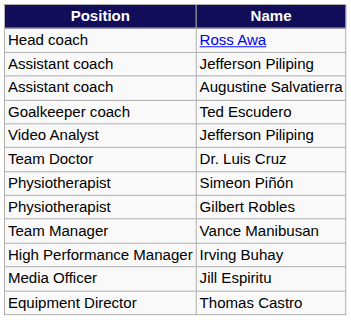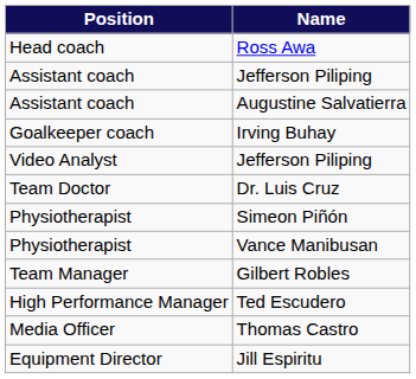 <table class="wikitable">
 <tr>
 <th style="color:#FFFFFF;background:#110D59">Position</th>
 <th style="color:#FFFFFF;background:#110D59">Name</th>
 </tr>
 <tr>
 <td>Head coach</td>
 <td> <a href='#'>Ross Awa</a></td>
 </tr>
 <tr>
 <td>Assistant coach</td>
 <td> Jefferson Piliping</td>
 </tr>
 <tr>
 <td>Assistant coach</td>
 <td> Augustine Salvatierra</td>
 </tr>
 <tr>
 <td>Goalkeeper coach</td>
-<td> Ted Escudero</td>
+<td> Irving Buhay</td>
 </tr>
 <tr>
 <td>Video Analyst</td>
 <td> Jefferson Piliping</td>
 </tr>
 <tr>
 <td>Team Doctor</td>
 <td> Dr. Luis Cruz</td>
 </tr>
 <tr>
 <td>Physiotherapist</td>
 <td> Simeon Piñón</td>
 </tr>
 <tr>
 <td>Physiotherapist</td>
+<td> Vance Manibusan</td>
+</tr>
+<tr>
+<td>Team Manager</td>
 <td> Gilbert Robles</td>
 </tr>
 <tr>
-<td>Team Manager</td>
-<td> Vance Manibusan</td>
-</tr>
-<tr>
 <td>High Performance Manager</td>
-<td> Irving Buhay</td>
+<td> Ted Escudero</td>
 </tr>
 <tr>
 <td>Media Officer</td>
-<td> Jill Espiritu</td>
+<td> Thomas Castro</td>
 </tr>
 <tr>
 <td>Equipment Director</td>
-<td> Thomas Castro</td>
+<td> Jill Espiritu</td>
 </tr>
 </table>
